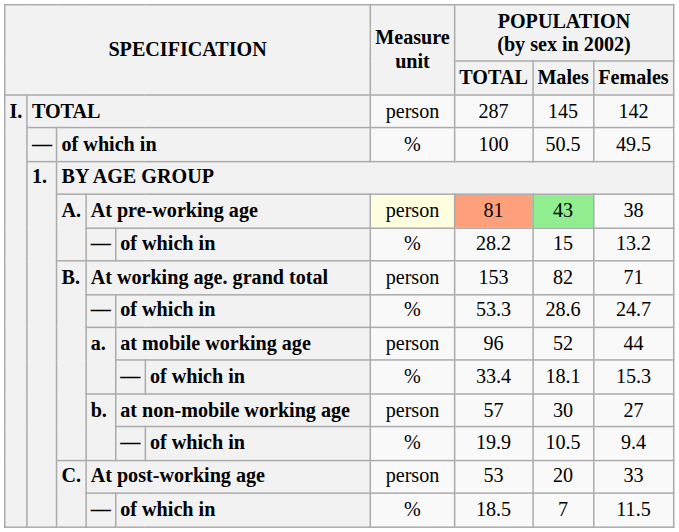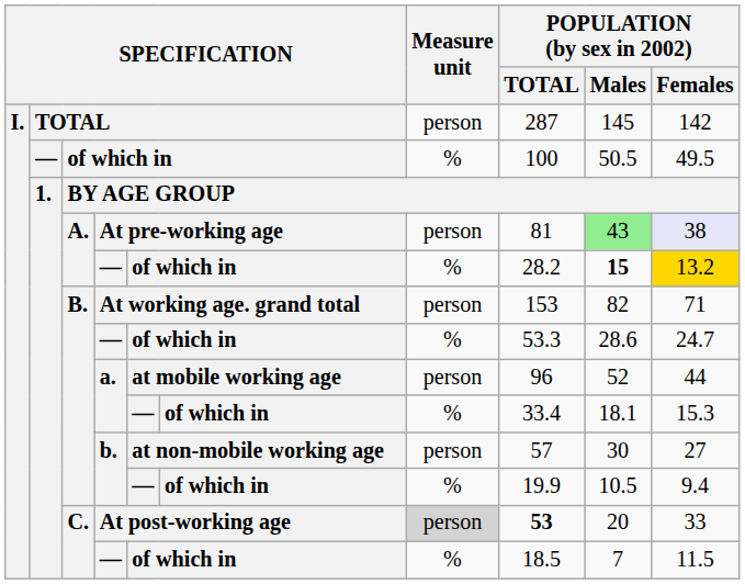 <table class="wikitable" style="font-size:85%; text-align:center">
 <tr>
 <th rowspan="2" colspan="6">SPECIFICATION</th>
 <th rowspan="2">Measure<br> unit</th>
 <th colspan="3" rowspan="1">POPULATION<br> (by sex in 2002)</th>
 </tr>
 <tr>
 <th>TOTAL</th>
 <th>Males</th>
 <th>Females</th>
 </tr>
 <tr>
 <th style="text-align:left" valign="top" rowspan="13">I.</th>
 <th style="text-align:left" colspan="5">TOTAL</th>
 <td>person</td>
 <td>287</td>
 <td>145</td>
 <td>142</td>
 </tr>
 <tr>
 <th style="text-align:left" valign="top">—</th>
 <th style="text-align:left" colspan="4">of which in</th>
 <td>%</td>
 <td>100</td>
 <td>50.5</td>
 <td>49.5</td>
 </tr>
 <tr>
 <th style="text-align:left" valign="top" rowspan="11">1.</th>
 <th style="text-align:left" colspan="19">BY AGE GROUP</th>
 </tr>
 <tr>
 <th style="text-align:left" valign="top" rowspan="2">A.</th>
 <th style="text-align:left" colspan="3">At pre-working age</th>
-<td style="background: lightyellow;">person</td>
-<td style="background: lightsalmon;">81</td>
+<td>person</td>
+<td>81</td>
 <td style="background: lightgreen;">43</td>
-<td>38</td>
+<td style="background: lavender;">38</td>
 </tr>
 <tr>
 <th style="text-align:left" valign="top">—</th>
 <th style="text-align:left" valign="top" colspan="2">of which in</th>
 <td>%</td>
 <td>28.2</td>
-<td>15</td>
-<td>13.2</td>
+<td><strong>15</strong></td>
+<td style="background: gold;">13.2</td>
 </tr>
 <tr>
 <th style="text-align:left" valign="top" rowspan="6">B.</th>
 <th style="text-align:left" colspan="3">At working age. grand total</th>
 <td>person</td>
 <td>153</td>
 <td>82</td>
 <td>71</td>
 </tr>
 <tr>
 <th style="text-align:left" valign="top">—</th>
 <th style="text-align:left" valign="top" colspan="2">of which in</th>
 <td>%</td>
 <td>53.3</td>
 <td>28.6</td>
 <td>24.7</td>
 </tr>
 <tr>
 <th style="text-align:left" valign="top" rowspan="2">a.</th>
 <th style="text-align:left" colspan="2">at mobile working age</th>
 <td>person</td>
 <td>96</td>
 <td>52</td>
 <td>44</td>
 </tr>
 <tr>
 <th style="text-align:left" valign="top">—</th>
 <th style="text-align:left" valign="top" colspan="1">of which in                        </th>
 <td>%</td>
 <td>33.4</td>
 <td>18.1</td>
 <td>15.3</td>
 </tr>
 <tr>
 <th style="text-align:left" valign="top" rowspan="2">b.</th>
 <th style="text-align:left" colspan="2">at non-mobile working age</th>
 <td>person</td>
 <td>57</td>
 <td>30</td>
 <td>27</td>
 </tr>
 <tr>
 <th style="text-align:left" valign="top">—</th>
 <th style="text-align:left" valign="top" colspan="1">of which in                        </th>
 <td>%</td>
 <td>19.9</td>
 <td>10.5</td>
 <td>9.4</td>
 </tr>
 <tr>
 <th style="text-align:left" valign="top" rowspan="2">C.</th>
 <th style="text-align:left" colspan="3">At post-working age</th>
-<td>person</td>
-<td>53</td>
+<td style="background: lightgrey;">person</td>
+<td><strong>53</strong></td>
 <td>20</td>
 <td>33</td>
 </tr>
 <tr>
 <th style="text-align:left" valign="top">—</th>
 <th style="text-align:left" valign="top" colspan="2">of which in</th>
 <td>%</td>
 <td>18.5</td>
 <td>7</td>
 <td>11.5</td>
 </tr>
 </table>
